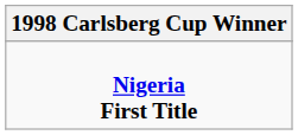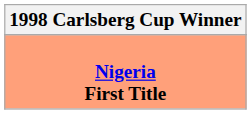 <table class="wikitable" style="text-align: center; margin: 0 auto;">
 <tr>
 <th>1998 Carlsberg Cup Winner</th>
 </tr>
 <tr>
 </tr>
 <tr>
-<td><br><strong><a href='#'>Nigeria</a></strong><br><strong>First Title</strong></td>
+<td style="background: lightsalmon;"><br><strong><a href='#'>Nigeria</a></strong><br><strong>First Title</strong></td>
 </tr>
 </table>
